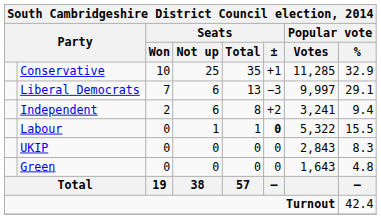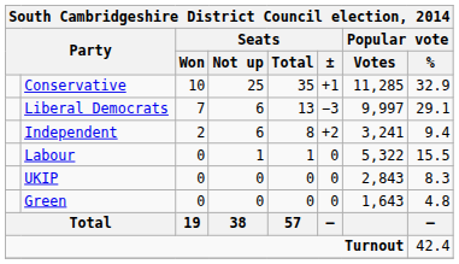 <table class="wikitable">
 <tr>
 <th colspan="8"><strong>South Cambridgeshire District Council election, 2014</strong></th>
 </tr>
 <tr>
 <th rowspan="2" colspan="2">Party</th>
 <th colspan="4">Seats</th>
 <th colspan="2">Popular vote</th>
 </tr>
 <tr>
 <th>Won</th>
 <th>Not up</th>
 <th>Total</th>
 <th>±</th>
 <th>Votes</th>
 <th>%</th>
 </tr>
 <tr>
 <td style="background-color: "> </td>
 <td><a href='#'>Conservative</a></td>
 <td align=right>10</td>
 <td align=right>25</td>
 <td align=right>35</td>
 <td align=right>+1</td>
 <td align=right>11,285</td>
 <td align=right>32.9</td>
 </tr>
 <tr>
 <td style="background-color: "> </td>
 <td><a href='#'>Liberal Democrats</a></td>
 <td align=right>7</td>
 <td align=right>6</td>
 <td align=right>13</td>
 <td align=right>−3</td>
 <td align=right>9,997</td>
 <td align=right>29.1</td>
 </tr>
 <tr>
 <td style="background-color: "> </td>
 <td><a href='#'>Independent</a></td>
 <td align=right>2</td>
 <td align=right>6</td>
 <td align=right>8</td>
 <td align=right>+2</td>
 <td align=right>3,241</td>
 <td align=right>9.4</td>
 </tr>
 <tr>
 <td style="background-color: "> </td>
 <td><a href='#'>Labour</a></td>
 <td align=right>0</td>
 <td align=right>1</td>
 <td align=right>1</td>
-<td align=right><strong>0</strong></td>
+<td align=right>0</td>
 <td align=right>5,322</td>
 <td align=right>15.5</td>
 </tr>
 <tr>
 <td style="background-color: "> </td>
 <td><a href='#'>UKIP</a></td>
 <td align=right>0</td>
 <td align=right>0</td>
 <td align=right>0</td>
 <td align=right>0</td>
 <td align=right>2,843</td>
 <td align=right>8.3</td>
 </tr>
 <tr>
 <td style="background-color: "> </td>
 <td><a href='#'>Green</a></td>
 <td align=right>0</td>
 <td align=right>0</td>
 <td align=right>0</td>
 <td align=right>0</td>
 <td align=right>1,643</td>
 <td align=right>4.8</td>
 </tr>
 <tr>
 <th colspan="2">Total</th>
 <th align=right>19</th>
 <th align=right>38</th>
 <th align=right>57</th>
 <th align=right>–</th>
 <th align=right></th>
 <th align=right>–</th>
 </tr>
 <tr>
 <td colspan="7" align=right><strong>Turnout</strong></td>
 <td align=right>42.4</td>
 </tr>
 <tr>
 </tr>
 </table>
